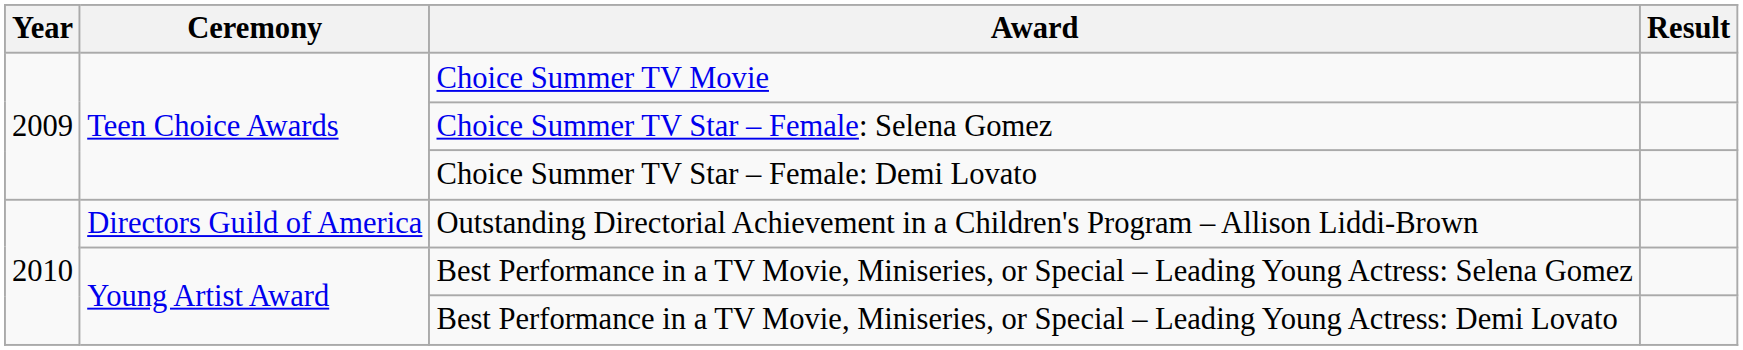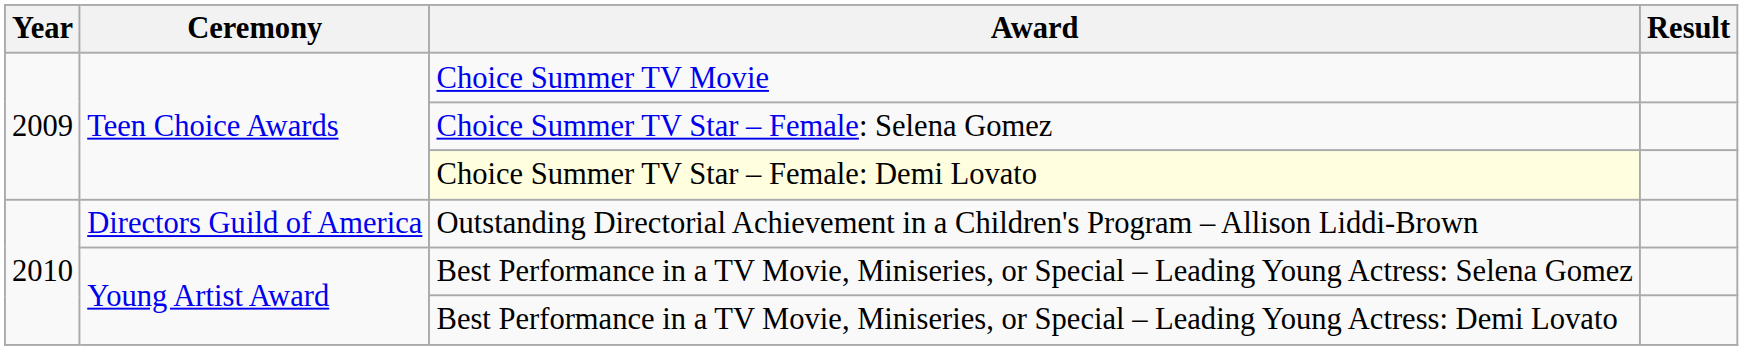 <table class="wikitable">
 <tr>
 <th>Year</th>
 <th>Ceremony</th>
 <th>Award</th>
 <th>Result</th>
 </tr>
 <tr>
 <td rowspan="3">2009</td>
 <td rowspan="3"><a href='#'>Teen Choice Awards</a></td>
 <td><a href='#'>Choice Summer TV Movie</a></td>
 <td></td>
 </tr>
 <tr>
 <td><a href='#'>Choice Summer TV Star – Female</a>: Selena Gomez</td>
 <td></td>
 </tr>
 <tr>
-<td>Choice Summer TV Star – Female: Demi Lovato</td>
+<td style="background: lightyellow;">Choice Summer TV Star – Female: Demi Lovato</td>
 <td></td>
 </tr>
 <tr>
 <td rowspan="3">2010</td>
 <td><a href='#'>Directors Guild of America</a></td>
 <td>Outstanding Directorial Achievement in a Children's Program – Allison Liddi-Brown</td>
 <td></td>
 </tr>
 <tr>
 <td rowspan="2"><a href='#'>Young Artist Award</a></td>
 <td>Best Performance in a TV Movie, Miniseries, or Special – Leading Young Actress: Selena Gomez</td>
 <td></td>
 </tr>
 <tr>
 <td>Best Performance in a TV Movie, Miniseries, or Special – Leading Young Actress: Demi Lovato</td>
 <td></td>
 </tr>
 </table>
